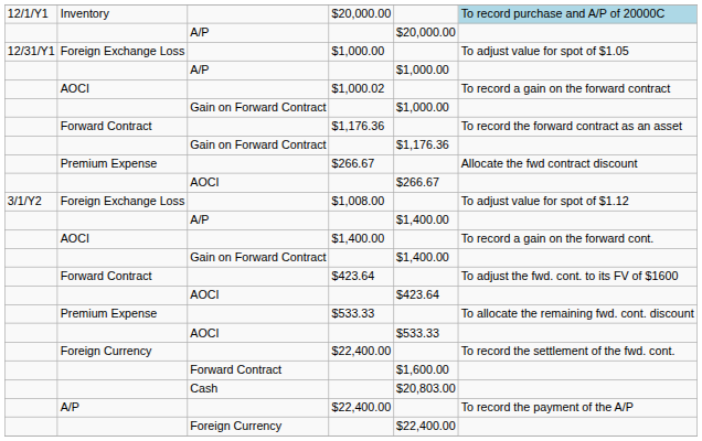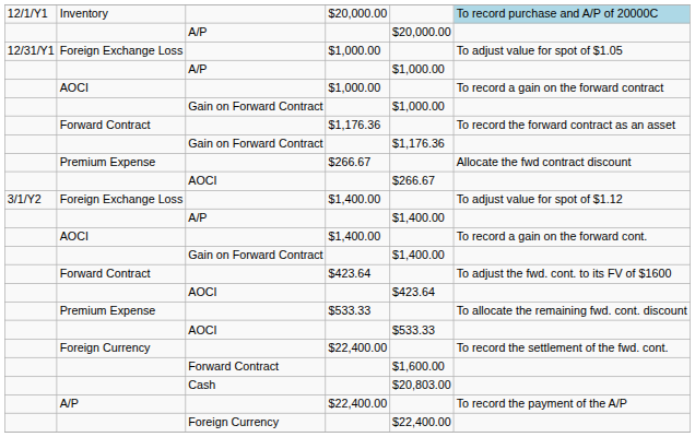 <table class="wikitable">
 <tr>
 </tr>
 <tr>
 <td>12/1/Y1</td>
 <td>Inventory</td>
 <td></td>
 <td>$20,000.00</td>
 <td></td>
 <td style="background: lightblue;">To record purchase and A/P of 20000C</td>
 </tr>
 <tr>
 <td></td>
 <td></td>
 <td>A/P</td>
 <td></td>
 <td>$20,000.00</td>
 <td></td>
 </tr>
 <tr>
 <td>12/31/Y1</td>
 <td>Foreign Exchange Loss</td>
 <td></td>
 <td>$1,000.00</td>
 <td></td>
 <td>To adjust value for spot of $1.05</td>
 </tr>
 <tr>
 <td></td>
 <td></td>
 <td>A/P</td>
 <td></td>
 <td>$1,000.00</td>
 <td></td>
 </tr>
 <tr>
 <td></td>
 <td>AOCI</td>
 <td></td>
-<td>$1,000.02</td>
+<td>$1,000.00</td>
 <td></td>
 <td>To record a gain on the forward contract</td>
 </tr>
 <tr>
 <td></td>
 <td></td>
 <td>Gain on Forward Contract</td>
 <td></td>
 <td>$1,000.00</td>
 <td></td>
 </tr>
 <tr>
 <td></td>
 <td>Forward Contract</td>
 <td></td>
 <td>$1,176.36</td>
 <td></td>
 <td>To record the forward contract as an asset</td>
 </tr>
 <tr>
 <td></td>
 <td></td>
 <td>Gain on Forward Contract</td>
 <td></td>
 <td>$1,176.36</td>
 <td></td>
 </tr>
 <tr>
 <td></td>
 <td>Premium Expense</td>
 <td></td>
 <td>$266.67</td>
 <td></td>
 <td>Allocate the fwd contract discount</td>
 </tr>
 <tr>
 <td></td>
 <td></td>
 <td>AOCI</td>
 <td></td>
 <td>$266.67</td>
 <td></td>
 </tr>
 <tr>
 <td>3/1/Y2</td>
 <td>Foreign Exchange Loss</td>
 <td></td>
-<td>$1,008.00</td>
+<td>$1,400.00</td>
 <td></td>
 <td>To adjust value for spot of $1.12</td>
 </tr>
 <tr>
 <td></td>
 <td></td>
 <td>A/P</td>
 <td></td>
 <td>$1,400.00</td>
 <td></td>
 </tr>
 <tr>
 <td></td>
 <td>AOCI</td>
 <td></td>
 <td>$1,400.00</td>
 <td></td>
 <td>To record a gain on the forward cont.</td>
 </tr>
 <tr>
 <td></td>
 <td></td>
 <td>Gain on Forward Contract</td>
 <td></td>
 <td>$1,400.00</td>
 <td></td>
 </tr>
 <tr>
 <td></td>
 <td>Forward Contract</td>
 <td></td>
 <td>$423.64</td>
 <td></td>
 <td>To adjust the fwd. cont. to its FV of $1600</td>
 </tr>
 <tr>
 <td></td>
 <td></td>
 <td>AOCI</td>
 <td></td>
 <td>$423.64</td>
 <td></td>
 </tr>
 <tr>
 <td></td>
 <td>Premium Expense</td>
 <td></td>
 <td>$533.33</td>
 <td></td>
 <td>To allocate the remaining fwd. cont. discount</td>
 </tr>
 <tr>
 <td></td>
 <td></td>
 <td>AOCI</td>
 <td></td>
 <td>$533.33</td>
 <td></td>
 </tr>
 <tr>
 <td></td>
 <td>Foreign Currency</td>
 <td></td>
 <td>$22,400.00</td>
 <td></td>
 <td>To record the settlement of the fwd. cont.</td>
 </tr>
 <tr>
 <td></td>
 <td></td>
 <td>Forward Contract</td>
 <td></td>
 <td>$1,600.00</td>
 <td></td>
 </tr>
 <tr>
 <td></td>
 <td></td>
 <td>Cash</td>
 <td></td>
 <td>$20,803.00</td>
 <td></td>
 </tr>
 <tr>
 <td></td>
 <td>A/P</td>
 <td></td>
 <td>$22,400.00</td>
 <td></td>
 <td>To record the payment of the A/P</td>
 </tr>
 <tr>
 <td></td>
 <td></td>
 <td>Foreign Currency</td>
 <td></td>
 <td>$22,400.00</td>
 <td></td>
 </tr>
 <tr>
 </tr>
 </table>
